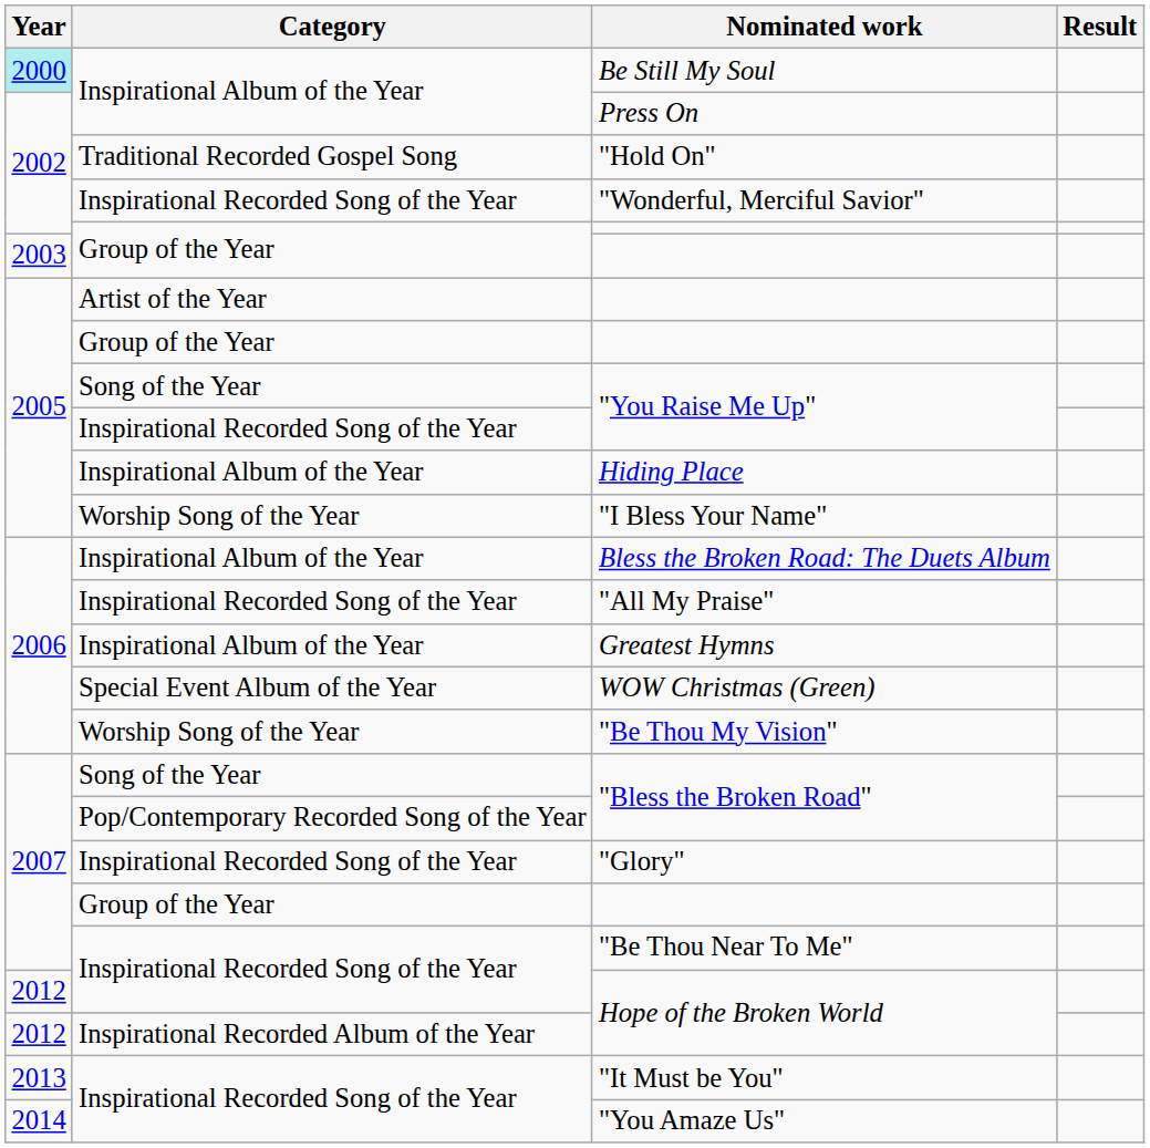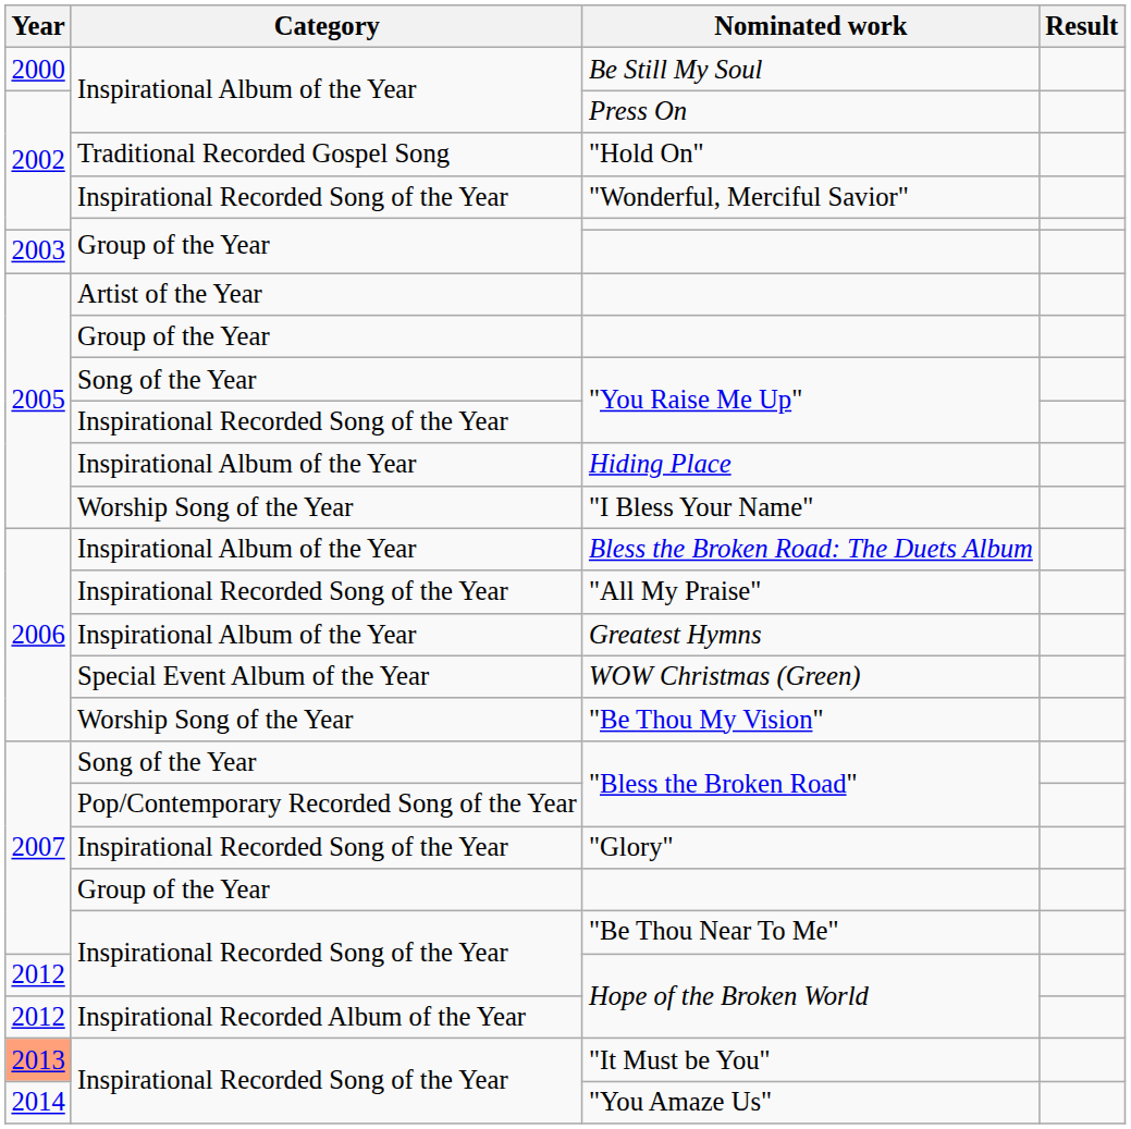 <table class="wikitable">
 <tr>
 <th>Year</th>
 <th>Category</th>
 <th>Nominated work</th>
 <th>Result</th>
 </tr>
 <tr>
-<td style="background: paleturquoise;"><a href='#'>2000</a></td>
+<td><a href='#'>2000</a></td>
 <td rowspan=2>Inspirational Album of the Year</td>
 <td><em>Be Still My Soul</em></td>
 <td></td>
 </tr>
 <tr>
 <td rowspan="4"><a href='#'>2002</a></td>
 <td><em>Press On</em></td>
 <td></td>
 </tr>
 <tr>
 <td>Traditional Recorded Gospel Song</td>
 <td>"Hold On"</td>
 <td></td>
 </tr>
 <tr>
 <td>Inspirational Recorded Song of the Year</td>
 <td>"Wonderful, Merciful Savior"</td>
 <td></td>
 </tr>
 <tr>
 <td rowspan=2>Group of the Year</td>
 <td></td>
 <td></td>
 </tr>
 <tr>
 <td><a href='#'>2003</a></td>
 <td></td>
 <td></td>
 </tr>
 <tr>
 <td rowspan="6"><a href='#'>2005</a></td>
 <td>Artist of the Year</td>
 <td></td>
 <td></td>
 </tr>
 <tr>
 <td>Group of the Year</td>
 <td></td>
 <td></td>
 </tr>
 <tr>
 <td>Song of the Year</td>
 <td rowspan=2>"<a href='#'>You Raise Me Up</a>"</td>
 <td></td>
 </tr>
 <tr>
 <td>Inspirational Recorded Song of the Year</td>
 <td></td>
 </tr>
 <tr>
 <td>Inspirational Album of the Year</td>
 <td><em><a href='#'>Hiding Place</a></em></td>
 <td></td>
 </tr>
 <tr>
 <td>Worship Song of the Year</td>
 <td>"I Bless Your Name"</td>
 <td></td>
 </tr>
 <tr>
 <td rowspan="5"><a href='#'>2006</a></td>
 <td>Inspirational Album of the Year</td>
 <td><em><a href='#'>Bless the Broken Road: The Duets Album</a></em></td>
 <td></td>
 </tr>
 <tr>
 <td>Inspirational Recorded Song of the Year</td>
 <td>"All My Praise"</td>
 <td></td>
 </tr>
 <tr>
 <td>Inspirational Album of the Year</td>
 <td><em>Greatest Hymns</em></td>
 <td></td>
 </tr>
 <tr>
 <td>Special Event Album of the Year</td>
 <td><em>WOW Christmas (Green)</em></td>
 <td></td>
 </tr>
 <tr>
 <td>Worship Song of the Year</td>
 <td>"<a href='#'>Be Thou My Vision</a>"</td>
 <td></td>
 </tr>
 <tr>
 <td rowspan="5"><a href='#'>2007</a></td>
 <td>Song of the Year</td>
 <td rowspan=2>"<a href='#'>Bless the Broken Road</a>"</td>
 <td></td>
 </tr>
 <tr>
 <td>Pop/Contemporary Recorded Song of the Year</td>
 <td></td>
 </tr>
 <tr>
 <td>Inspirational Recorded Song of the Year</td>
 <td>"Glory"</td>
 <td></td>
 </tr>
 <tr>
 <td>Group of the Year</td>
 <td></td>
 <td></td>
 </tr>
 <tr>
 <td rowspan=2>Inspirational Recorded Song of the Year</td>
 <td>"Be Thou Near To Me"</td>
 <td></td>
 </tr>
 <tr>
 <td><a href='#'>2012</a></td>
 <td rowspan=2><em>Hope of the Broken World</em></td>
 <td></td>
 </tr>
 <tr>
 <td><a href='#'>2012</a></td>
 <td>Inspirational Recorded Album of the Year</td>
 <td></td>
 </tr>
 <tr>
-<td><a href='#'>2013</a></td>
+<td style="background: lightsalmon;"><a href='#'>2013</a></td>
 <td rowspan=2>Inspirational Recorded Song of the Year</td>
 <td>"It Must be You"</td>
 <td></td>
 </tr>
 <tr>
 <td><a href='#'>2014</a></td>
 <td>"You Amaze Us"</td>
 <td></td>
 </tr>
 </table>
